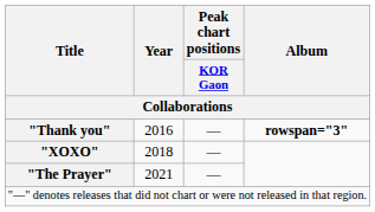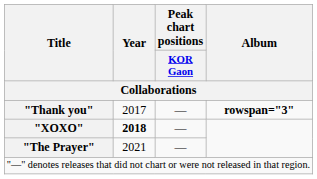 <table class="wikitable plainrowheaders" style="text-align:center">
 <tr>
 <th scope="col" rowspan="2">Title</th>
 <th scope="col" rowspan="2">Year</th>
 <th scope="col">Peak chart positions</th>
 <th scope="col" rowspan="2">Album</th>
 </tr>
 <tr>
 <th scope="col" style="font-size:90%; width:2.5em"><a href='#'>KOR<br>Gaon</a></th>
 </tr>
 <tr>
 <th colspan="4" scope="col">Collaborations</th>
 </tr>
 <tr>
 <th scope="row">"Thank you"<br></th>
-<td>2016</td>
+<td>2017</td>
 <td>—</td>
 <td><strong>rowspan="3" </strong></td>
 </tr>
 <tr>
 <th scope="row">"XOXO"<br></th>
-<td>2018</td>
+<td><strong>2018</strong></td>
 <td>—</td>
 </tr>
 <tr>
 <th scope="row">"The Prayer"<br></th>
 <td>2021</td>
 <td>—</td>
 </tr>
 <tr>
 <td colspan="4" style="font-size:85%">"—" denotes releases that did not chart or were not released in that region.</td>
 </tr>
 </table>
